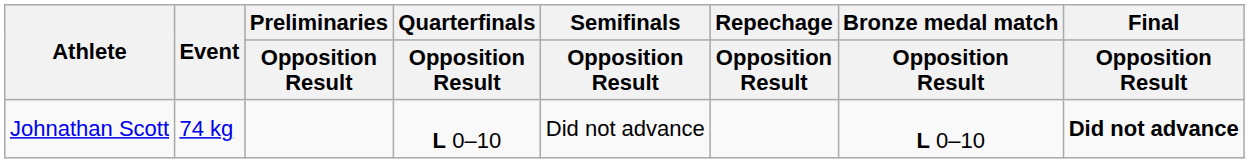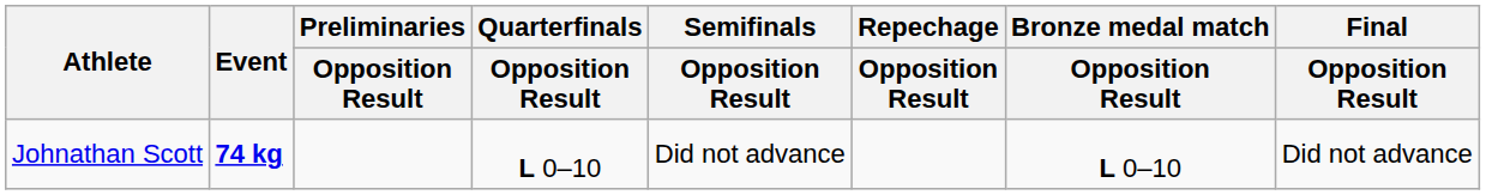 <table class="wikitable" border="1" style="font-size:90%">
 <tr>
 <th rowspan=2>Athlete</th>
 <th rowspan=2>Event</th>
 <th>Preliminaries</th>
 <th>Quarterfinals</th>
 <th>Semifinals</th>
 <th>Repechage</th>
 <th>Bronze medal match</th>
 <th>Final</th>
 </tr>
 <tr>
 <th>Opposition<br>Result</th>
 <th>Opposition<br>Result</th>
 <th>Opposition<br>Result</th>
 <th>Opposition<br>Result</th>
 <th>Opposition<br>Result</th>
 <th>Opposition<br>Result</th>
 </tr>
 <tr align=center>
 <td align=left><a href='#'>Johnathan Scott</a></td>
-<td align=left><a href='#'>74 kg</a></td>
+<td align=left><strong><a href='#'>74 kg</a></strong></td>
 <td></td>
 <td><br><strong>L</strong> 0–10</td>
 <td>Did not advance</td>
 <td></td>
 <td><br><strong>L</strong> 0–10</td>
-<td><strong>Did not advance</strong></td>
+<td>Did not advance</td>
 </tr>
 </table>
